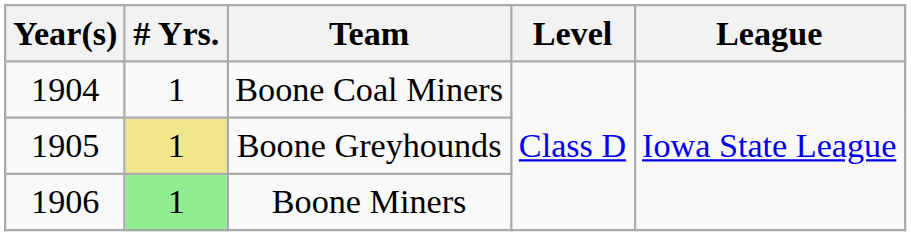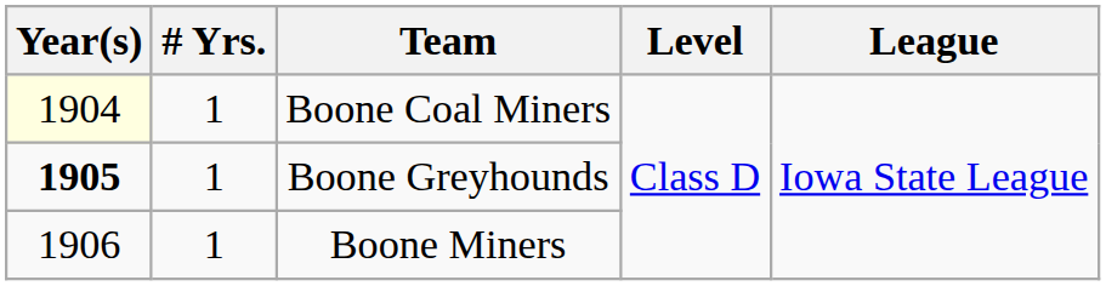 <table class="wikitable" style="text-align:center; font-size: 95%;">
 <tr>
 <th>Year(s)</th>
 <th># Yrs.</th>
 <th>Team</th>
 <th>Level</th>
 <th>League</th>
 </tr>
 <tr>
-<td>1904</td>
+<td style="background: lightyellow;">1904</td>
 <td>1</td>
 <td>Boone Coal Miners</td>
 <td rowspan=3><a href='#'>Class D</a></td>
 <td rowspan=3><a href='#'>Iowa State League</a></td>
 </tr>
 <tr>
-<td>1905</td>
-<td style="background: khaki;">1</td>
+<td><strong>1905</strong></td>
+<td>1</td>
 <td>Boone Greyhounds</td>
 </tr>
 <tr>
 <td>1906</td>
-<td style="background: lightgreen;">1</td>
+<td>1</td>
 <td>Boone Miners</td>
 </tr>
 </table>
